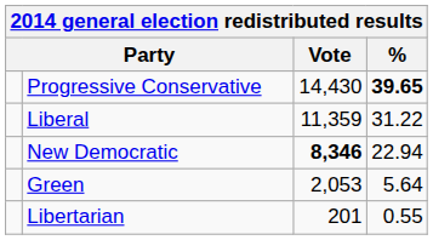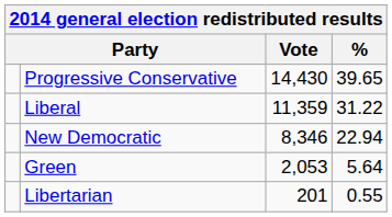 <table class="wikitable">
 <tr>
 <th colspan="4"><a href='#'>2014 general election</a> redistributed results</th>
 </tr>
 <tr>
 <th bgcolor="#DDDDFF" width="130px" colspan="2">Party</th>
 <th bgcolor="#DDDDFF" width="50px">Vote</th>
 <th bgcolor="#DDDDFF" width="30px">%</th>
 </tr>
 <tr>
 <td> </td>
 <td><a href='#'>Progressive Conservative</a></td>
 <td align=right>14,430</td>
-<td align=right><strong>39.65</strong></td>
+<td align=right>39.65</td>
 </tr>
 <tr>
 <td> </td>
 <td><a href='#'>Liberal</a></td>
 <td align=right>11,359</td>
 <td align=right>31.22</td>
 </tr>
 <tr>
 <td> </td>
 <td><a href='#'>New Democratic</a></td>
-<td align=right><strong>8,346</strong></td>
+<td align=right>8,346</td>
 <td align=right>22.94</td>
 </tr>
 <tr>
 <td> </td>
 <td><a href='#'>Green</a></td>
 <td align=right>2,053</td>
 <td align=right>5.64</td>
 </tr>
 <tr>
 <td> </td>
 <td><a href='#'>Libertarian</a></td>
 <td align=right>201</td>
 <td align=right>0.55</td>
 </tr>
 </table>
